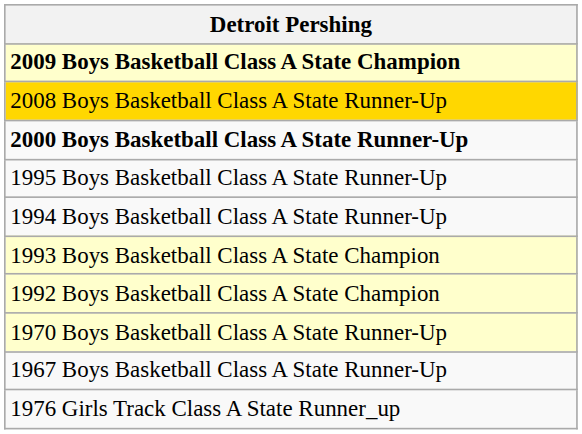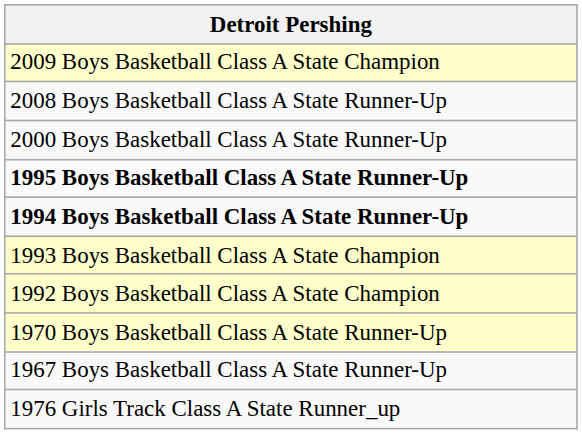 <table class="wikitable collapsible collapsed" style="min-width:25em; font-size:88%;">
 <tr>
 <th colspan="2">Detroit Pershing</th>
 </tr>
 <tr style="background:#ffc;">
-<td><strong>2009 Boys Basketball Class A State Champion</strong></td>
+<td>2009 Boys Basketball Class A State Champion</td>
 </tr>
 <tr>
-<td style="background: gold;">2008 Boys Basketball Class A State Runner-Up</td>
+<td>2008 Boys Basketball Class A State Runner-Up</td>
 </tr>
 <tr>
-<td><strong>2000 Boys Basketball Class A State Runner-Up</strong></td>
+<td>2000 Boys Basketball Class A State Runner-Up</td>
 </tr>
 <tr>
-<td>1995 Boys Basketball Class A State Runner-Up</td>
+<td><strong>1995 Boys Basketball Class A State Runner-Up</strong></td>
 </tr>
 <tr>
-<td>1994 Boys Basketball Class A State Runner-Up</td>
+<td><strong>1994 Boys Basketball Class A State Runner-Up</strong></td>
 </tr>
 <tr style="background:#ffc;">
 <td>1993 Boys Basketball Class A State Champion</td>
 </tr>
 <tr style="background:#ffc;">
 <td>1992 Boys Basketball Class A State Champion</td>
 </tr>
 <tr style="background:#ffc;">
 <td>1970 Boys Basketball Class A State Runner-Up</td>
 </tr>
 <tr>
 <td>1967 Boys Basketball Class A State Runner-Up</td>
 </tr>
 <tr>
 <td>1976 Girls Track Class A State Runner_up</td>
 </tr>
 </table>
